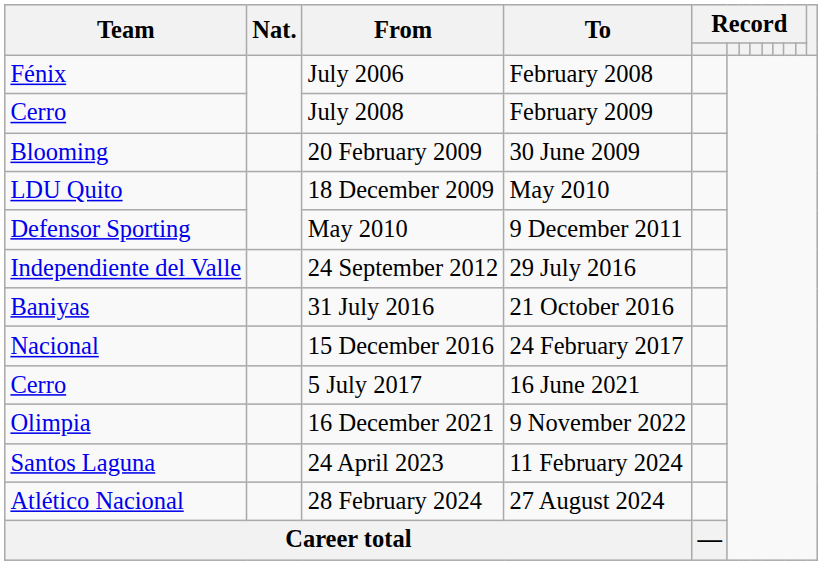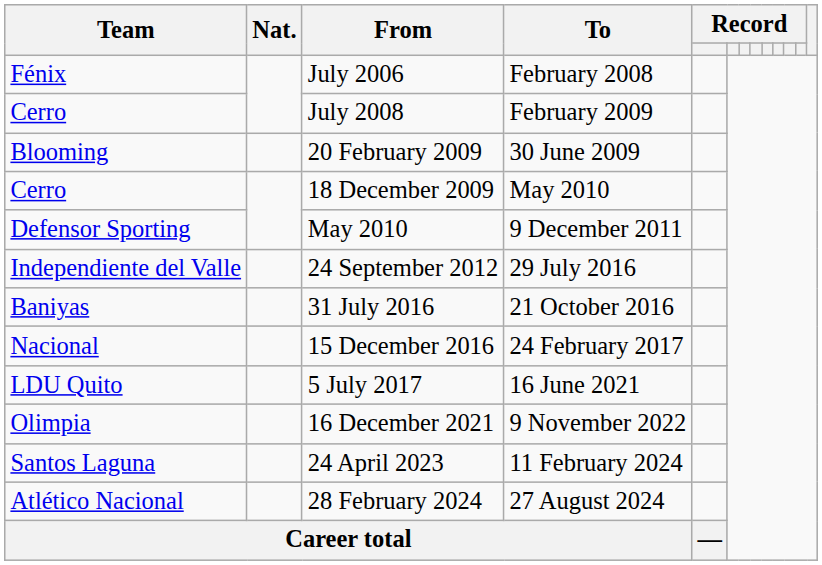 <table class="wikitable" style="text-align: center">
 <tr>
 <th rowspan="2">Team</th>
 <th rowspan="2">Nat.</th>
 <th rowspan="2">From</th>
 <th rowspan="2">To</th>
 <th colspan="8">Record</th>
 <th rowspan=2></th>
 </tr>
 <tr>
 <th></th>
 <th></th>
 <th></th>
 <th></th>
 <th></th>
 <th></th>
 <th></th>
 <th></th>
 </tr>
 <tr>
 <td align="left"><a href='#'>Fénix</a></td>
 <td rowspan="2"></td>
 <td align=left>July 2006</td>
 <td align=left>February 2008<br></td>
 <td></td>
 </tr>
 <tr>
 <td align="left"><a href='#'>Cerro</a></td>
 <td align=left>July 2008</td>
 <td align=left>February 2009<br></td>
 <td></td>
 </tr>
 <tr>
 <td align="left"><a href='#'>Blooming</a></td>
 <td></td>
 <td align=left>20 February 2009</td>
 <td align=left>30 June 2009<br></td>
 <td></td>
 </tr>
 <tr>
-<td align="left"><a href='#'>LDU Quito</a></td>
+<td align="left"><a href='#'>Cerro</a></td>
 <td rowspan="2"></td>
 <td align=left>18 December 2009</td>
 <td align=left>May 2010<br></td>
 <td></td>
 </tr>
 <tr>
 <td align="left"><a href='#'>Defensor Sporting</a></td>
 <td align=left>May 2010</td>
 <td align=left>9 December 2011<br></td>
 <td></td>
 </tr>
 <tr>
 <td align="left"><a href='#'>Independiente del Valle</a></td>
 <td></td>
 <td align=left>24 September 2012</td>
 <td align=left>29 July 2016<br></td>
 <td></td>
 </tr>
 <tr>
 <td align="left"><a href='#'>Baniyas</a></td>
 <td></td>
 <td align=left>31 July 2016</td>
 <td align=left>21 October 2016<br></td>
 <td></td>
 </tr>
 <tr>
 <td align="left"><a href='#'>Nacional</a></td>
 <td></td>
 <td align=left>15 December 2016</td>
 <td align=left>24 February 2017<br></td>
 <td></td>
 </tr>
 <tr>
-<td align="left"><a href='#'>Cerro</a></td>
+<td align="left"><a href='#'>LDU Quito</a></td>
 <td></td>
 <td align=left>5 July 2017</td>
 <td align=left>16 June 2021<br></td>
 <td></td>
 </tr>
 <tr>
 <td align="left"><a href='#'>Olimpia</a></td>
 <td></td>
 <td align=left>16 December 2021</td>
 <td align=left>9 November 2022<br></td>
 <td></td>
 </tr>
 <tr>
 <td align="left"><a href='#'>Santos Laguna</a></td>
 <td></td>
 <td align=left>24 April 2023</td>
 <td align=left>11 February 2024<br></td>
 <td></td>
 </tr>
 <tr>
 <td align="left"><a href='#'>Atlético Nacional</a></td>
 <td></td>
 <td align=left>28 February 2024</td>
 <td align=left>27 August 2024<br></td>
 <td></td>
 </tr>
 <tr>
 <th colspan=4><strong>Career total</strong><br></th>
 <th>—</th>
 </tr>
 </table>
